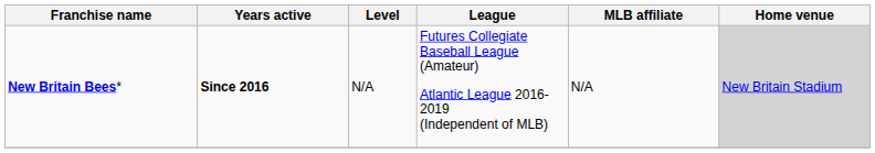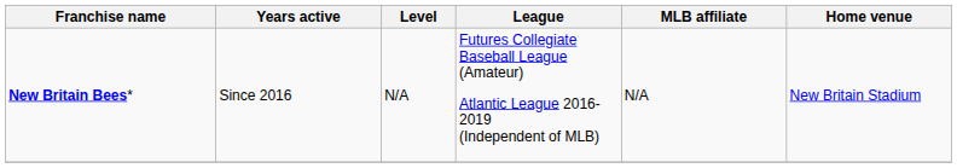 <table class="wikitable">
 <tr>
 <th style="width:225px;"><strong>Franchise name</strong></th>
 <th style="width:175px;"><strong>Years active</strong></th>
 <th style="width:75px;"><strong>Level</strong></th>
 <th style="width:175px;"><strong>League</strong></th>
 <th style="width:175px;"><strong>MLB affiliate</strong></th>
 <th style="width:175px;"><strong>Home venue</strong></th>
 </tr>
 <tr>
 <td><strong><a href='#'>New Britain Bees</a></strong>*</td>
-<td><strong>Since 2016<br></strong></td>
+<td>Since 2016<br></td>
 <td>N/A</td>
 <td><a href='#'>Futures Collegiate Baseball League</a> (Amateur)<p><a href='#'>Atlantic League</a> 2016-2019<br>(Independent of MLB)</p></td>
 <td>N/A</td>
-<td style="background: lightgrey;"><a href='#'>New Britain Stadium</a></td>
+<td><a href='#'>New Britain Stadium</a></td>
 </tr>
 <tr>
 </tr>
 </table>
